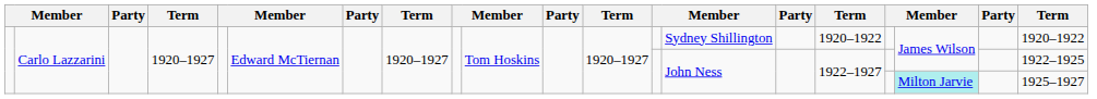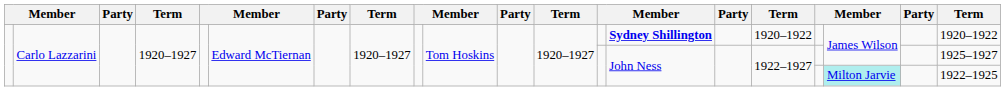 <table class="wikitable">
 <tr>
 <th colspan=2>Member</th>
 <th>Party</th>
 <th>Term</th>
 <th colspan=2>Member</th>
 <th>Party</th>
 <th>Term</th>
 <th colspan=2>Member</th>
 <th>Party</th>
 <th>Term</th>
 <th colspan=2>Member</th>
 <th>Party</th>
 <th>Term</th>
 <th colspan=2>Member</th>
 <th>Party</th>
 <th>Term</th>
 </tr>
 <tr>
 <td rowspan=3 > </td>
 <td rowspan=3><a href='#'>Carlo Lazzarini</a></td>
 <td rowspan=3></td>
 <td rowspan=3>1920–1927</td>
 <td rowspan=3 > </td>
 <td rowspan=3><a href='#'>Edward McTiernan</a></td>
 <td rowspan=3></td>
 <td rowspan=3>1920–1927</td>
 <td rowspan=3 > </td>
 <td rowspan=3><a href='#'>Tom Hoskins</a></td>
 <td rowspan=3></td>
 <td rowspan=3>1920–1927</td>
 <td> </td>
-<td><a href='#'>Sydney Shillington</a></td>
+<td><strong><a href='#'>Sydney Shillington</a></strong></td>
 <td></td>
 <td>1920–1922</td>
 <td> </td>
 <td rowspan=2><a href='#'>James Wilson</a></td>
 <td></td>
 <td>1920–1922</td>
 </tr>
 <tr>
 <td rowspan=2 > </td>
 <td rowspan=2><a href='#'>John Ness</a></td>
 <td rowspan=2></td>
 <td rowspan=2>1922–1927</td>
 <td> </td>
 <td></td>
-<td>1922–1925</td>
+<td>1925–1927</td>
 </tr>
 <tr>
 <td> </td>
 <td style="background: paleturquoise;"><a href='#'>Milton Jarvie</a></td>
 <td></td>
-<td>1925–1927</td>
+<td>1922–1925</td>
 </tr>
 </table>
